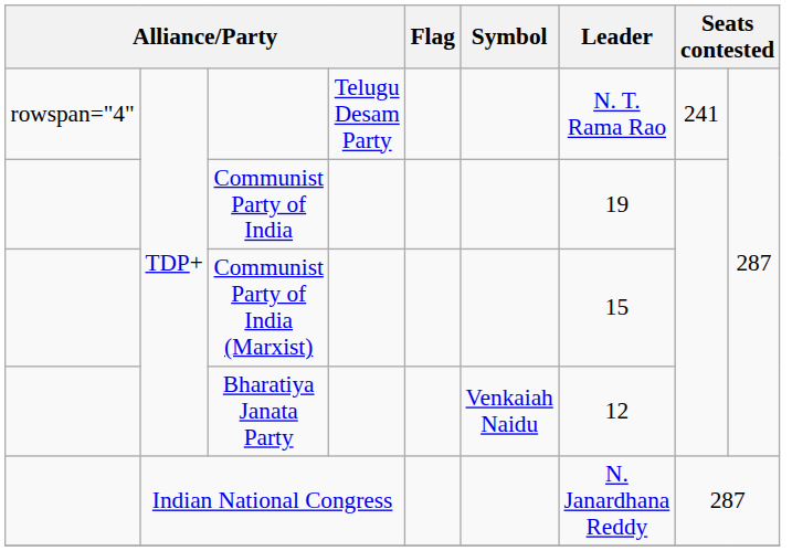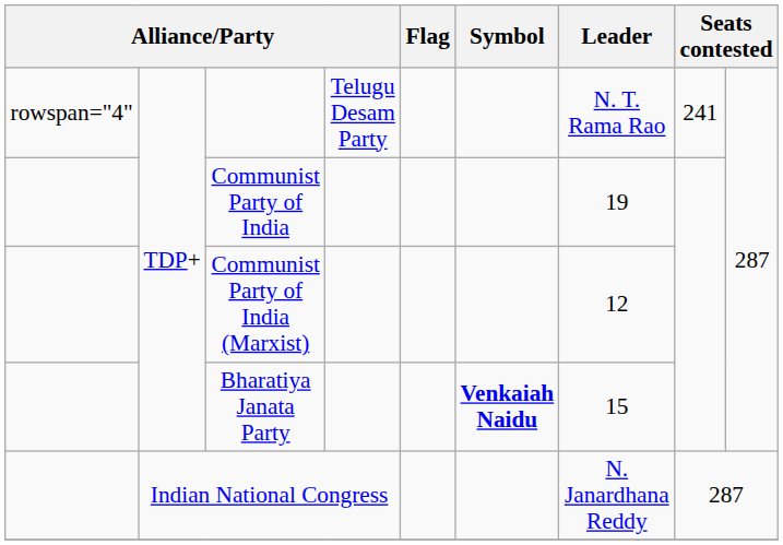 <table class="wikitable sortable" width="50%" style="text-align:center;">
 <tr>
 <th colspan="4">Alliance/Party</th>
 <th>Flag</th>
 <th>Symbol</th>
 <th>Leader</th>
 <th colspan="2">Seats contested</th>
 </tr>
 <tr>
 <td>rowspan="4" </td>
 <td rowspan="4"><a href='#'>TDP</a>+</td>
 <td style="text-align:center; background:"></td>
 <td><a href='#'>Telugu Desam Party</a></td>
 <td></td>
 <td></td>
 <td><a href='#'>N. T. Rama Rao</a></td>
 <td>241</td>
 <td rowspan="4">287</td>
 </tr>
 <tr>
 <td style="text-align:center; background:"></td>
 <td><a href='#'>Communist Party of India</a></td>
 <td></td>
 <td></td>
 <td></td>
 <td>19</td>
 </tr>
 <tr>
 <td style="text-align:center; background:"></td>
 <td><a href='#'>Communist Party of India (Marxist)</a></td>
 <td></td>
 <td></td>
 <td></td>
-<td>15</td>
+<td>12</td>
 </tr>
 <tr>
 <td style="text-align:center; background:"></td>
 <td><a href='#'>Bharatiya Janata Party</a></td>
 <td></td>
 <td></td>
-<td><a href='#'>Venkaiah Naidu</a></td>
-<td>12</td>
+<td><strong><a href='#'>Venkaiah Naidu</a></strong></td>
+<td>15</td>
 </tr>
 <tr>
 <td style="text-align:center; background:"></td>
 <td colspan="3"><a href='#'>Indian National Congress</a></td>
 <td></td>
 <td></td>
 <td><a href='#'>N. Janardhana Reddy</a></td>
 <td colspan=2>287</td>
 </tr>
 <tr>
 </tr>
 </table>
